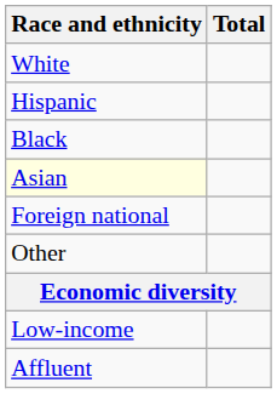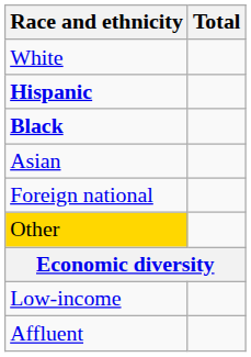 <table class="wikitable floatright sortable collapsible"; text-align:right; font-size:80%;">
 <tr>
 <th>Race and ethnicity</th>
 <th colspan="2" data-sort-type=number>Total</th>
 </tr>
 <tr>
 <td><a href='#'>White</a></td>
 <td align=right></td>
 </tr>
 <tr>
-<td><a href='#'>Hispanic</a></td>
+<td><strong><a href='#'>Hispanic</a></strong></td>
 <td align=right></td>
 </tr>
 <tr>
-<td><a href='#'>Black</a></td>
+<td><strong><a href='#'>Black</a></strong></td>
 <td align=right></td>
 </tr>
 <tr>
-<td style="background: lightyellow;"><a href='#'>Asian</a></td>
+<td><a href='#'>Asian</a></td>
 <td align=right></td>
 </tr>
 <tr>
 <td><a href='#'>Foreign national</a></td>
 <td align=right></td>
 </tr>
 <tr>
-<td>Other</td>
+<td style="background: gold;">Other</td>
 <td align=right></td>
 </tr>
 <tr>
 <th colspan="4" data-sort-type=number><a href='#'>Economic diversity</a></th>
 </tr>
 <tr>
 <td><a href='#'>Low-income</a></td>
 <td align=right></td>
 </tr>
 <tr>
 <td><a href='#'>Affluent</a></td>
 <td align=right></td>
 </tr>
 </table>
